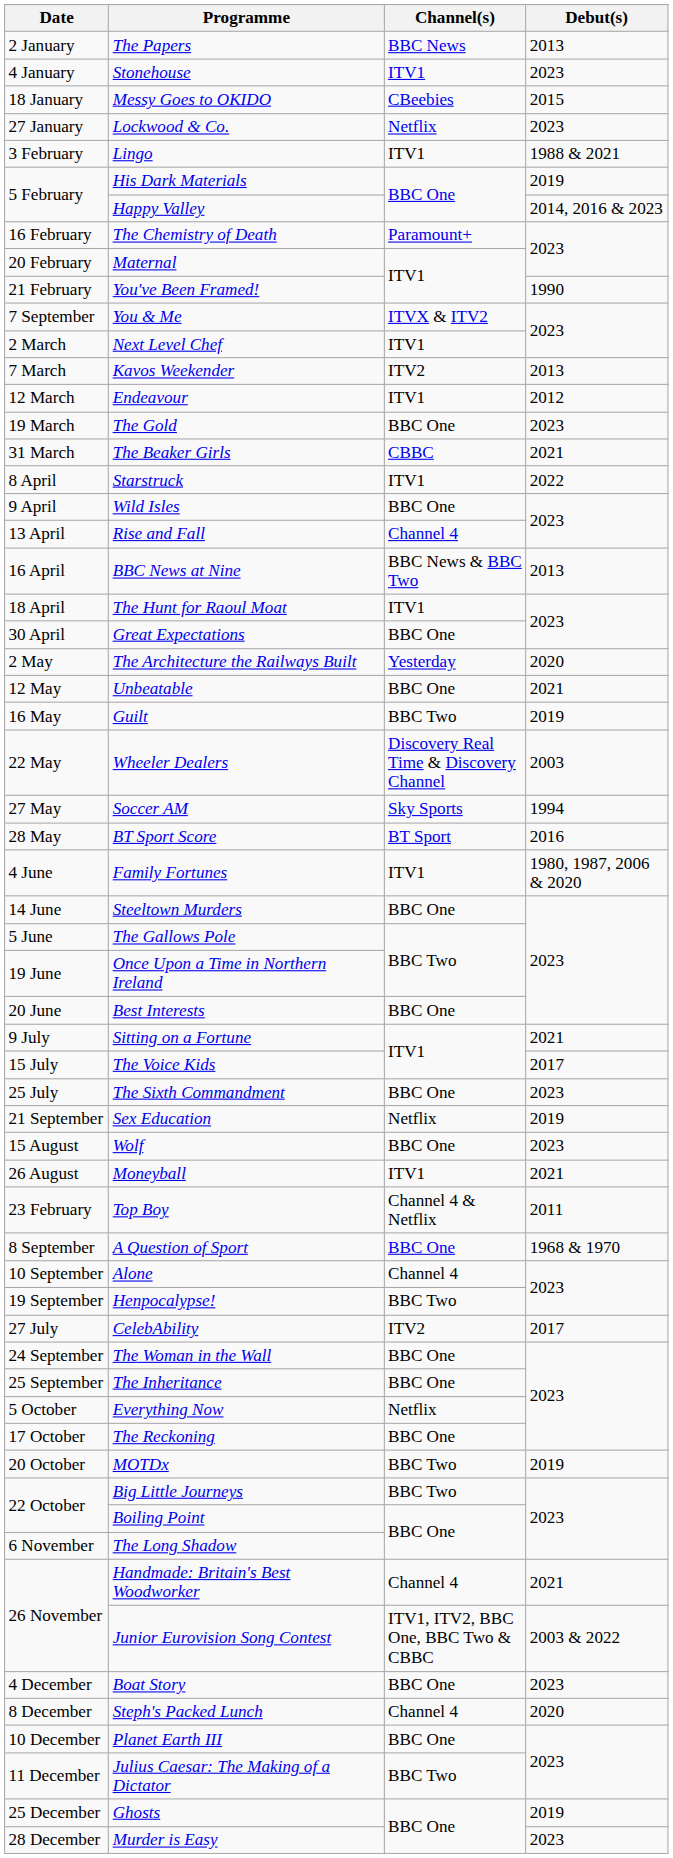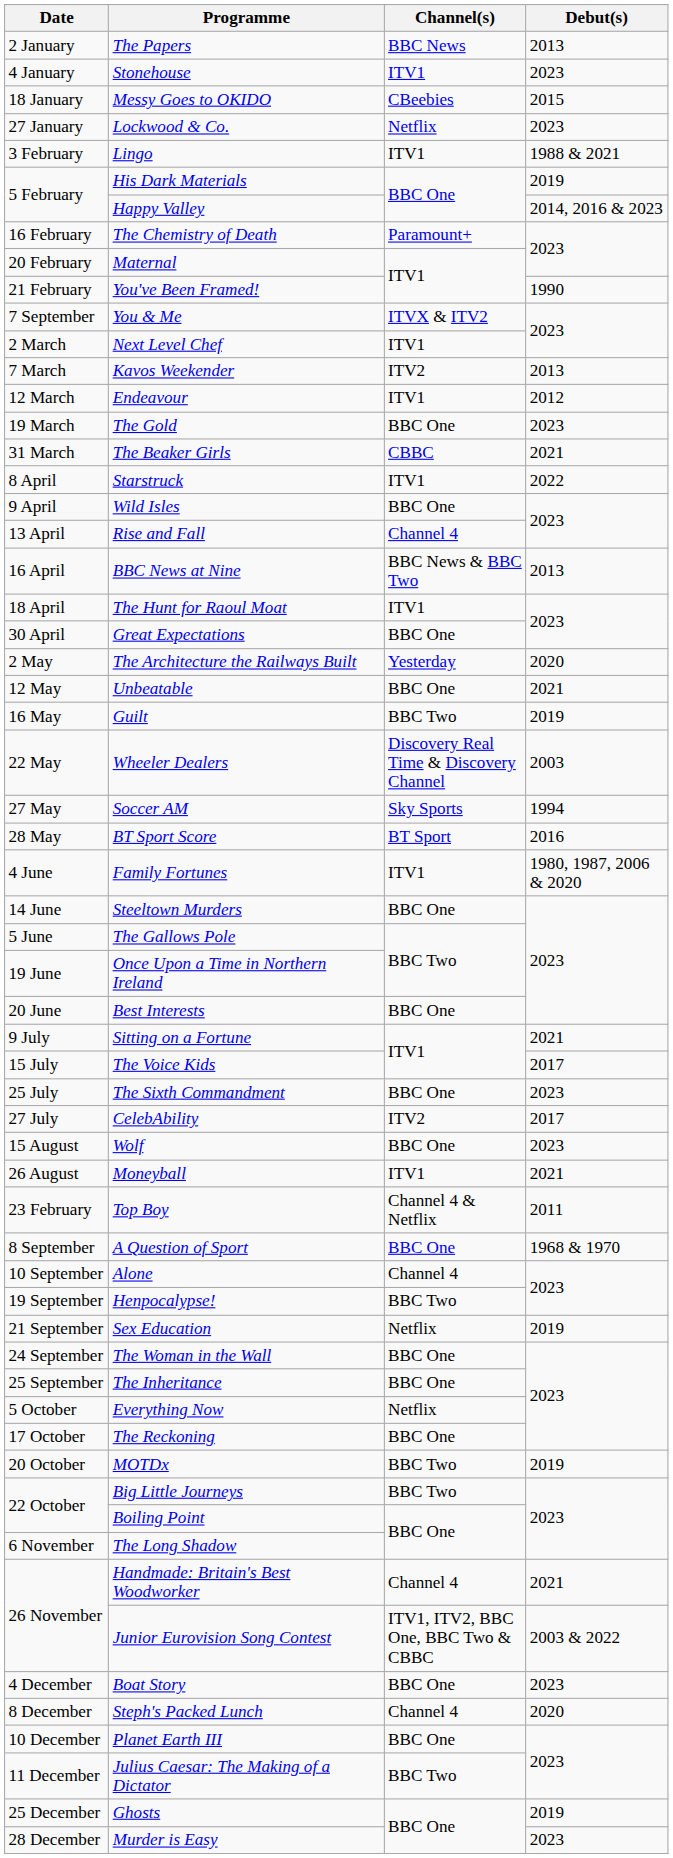 <table class="wikitable">
 <tr>
 <th width=90>Date</th>
 <th width=250>Programme</th>
 <th width=125>Channel(s)</th>
 <th width=125>Debut(s)</th>
 </tr>
 <tr>
 <td>2 January</td>
 <td><em><a href='#'>The Papers</a></em></td>
 <td><a href='#'>BBC News</a></td>
 <td>2013</td>
 </tr>
 <tr>
 <td>4 January</td>
 <td><em><a href='#'>Stonehouse</a></em></td>
 <td><a href='#'>ITV1</a></td>
 <td>2023</td>
 </tr>
 <tr>
 <td>18 January</td>
 <td><em><a href='#'>Messy Goes to OKIDO</a></em></td>
 <td><a href='#'>CBeebies</a></td>
 <td>2015</td>
 </tr>
 <tr>
 <td>27 January</td>
 <td><em><a href='#'>Lockwood & Co.</a></em></td>
 <td><a href='#'>Netflix</a></td>
 <td>2023</td>
 </tr>
 <tr>
 <td>3 February</td>
 <td><em><a href='#'>Lingo</a></em></td>
 <td>ITV1</td>
 <td>1988 & 2021</td>
 </tr>
 <tr>
 <td rowspan="2">5 February</td>
 <td><em><a href='#'>His Dark Materials</a></em></td>
 <td rowspan="2"><a href='#'>BBC One</a></td>
 <td>2019</td>
 </tr>
 <tr>
 <td><em><a href='#'>Happy Valley</a></em></td>
 <td>2014, 2016 & 2023</td>
 </tr>
 <tr>
 <td>16 February</td>
 <td><em><a href='#'>The Chemistry of Death</a></em></td>
 <td><a href='#'>Paramount+</a></td>
 <td rowspan="2">2023</td>
 </tr>
 <tr>
 <td>20 February</td>
 <td><em><a href='#'>Maternal</a></em></td>
 <td rowspan="2">ITV1</td>
 </tr>
 <tr>
 <td>21 February</td>
 <td><em><a href='#'>You've Been Framed!</a></em></td>
 <td>1990</td>
 </tr>
 <tr>
 <td>7 September</td>
 <td><em><a href='#'>You & Me</a></em></td>
 <td><a href='#'>ITVX</a> & <a href='#'>ITV2</a></td>
 <td rowspan="2">2023</td>
 </tr>
 <tr>
 <td>2 March</td>
 <td><em><a href='#'>Next Level Chef</a></em></td>
 <td>ITV1</td>
 </tr>
 <tr>
 <td>7 March</td>
 <td><em><a href='#'>Kavos Weekender</a></em></td>
 <td>ITV2</td>
 <td>2013</td>
 </tr>
 <tr>
 <td>12 March</td>
 <td><em><a href='#'>Endeavour</a></em></td>
 <td>ITV1</td>
 <td>2012</td>
 </tr>
 <tr>
 <td>19 March</td>
 <td><em><a href='#'>The Gold</a></em></td>
 <td>BBC One</td>
 <td>2023</td>
 </tr>
 <tr>
 <td>31 March</td>
 <td><em><a href='#'>The Beaker Girls</a></em></td>
 <td><a href='#'>CBBC</a></td>
 <td>2021</td>
 </tr>
 <tr>
 <td>8 April</td>
 <td><em><a href='#'>Starstruck</a></em></td>
 <td>ITV1</td>
 <td>2022</td>
 </tr>
 <tr>
 <td>9 April</td>
 <td><em><a href='#'>Wild Isles</a></em></td>
 <td>BBC One</td>
 <td rowspan="2">2023</td>
 </tr>
 <tr>
 <td>13 April</td>
 <td><em><a href='#'>Rise and Fall</a></em></td>
 <td><a href='#'>Channel 4</a></td>
 </tr>
 <tr>
 <td>16 April</td>
 <td><em><a href='#'>BBC News at Nine</a></em></td>
 <td>BBC News & <a href='#'>BBC Two</a></td>
 <td>2013</td>
 </tr>
 <tr>
 <td>18 April</td>
 <td><em><a href='#'>The Hunt for Raoul Moat</a></em></td>
 <td>ITV1</td>
 <td rowspan="2">2023</td>
 </tr>
 <tr>
 <td>30 April</td>
 <td><em><a href='#'>Great Expectations</a></em></td>
 <td>BBC One</td>
 </tr>
 <tr>
 <td>2 May</td>
 <td><em><a href='#'>The Architecture the Railways Built</a></em></td>
 <td><a href='#'>Yesterday</a></td>
 <td>2020</td>
 </tr>
 <tr>
 <td>12 May</td>
 <td><em><a href='#'>Unbeatable</a></em></td>
 <td>BBC One</td>
 <td>2021</td>
 </tr>
 <tr>
 <td>16 May</td>
 <td><em><a href='#'>Guilt</a></em></td>
 <td>BBC Two</td>
 <td>2019</td>
 </tr>
 <tr>
 <td>22 May</td>
 <td><em><a href='#'>Wheeler Dealers</a></em></td>
 <td><a href='#'>Discovery Real Time</a> & <a href='#'>Discovery Channel</a></td>
 <td>2003</td>
 </tr>
 <tr>
 <td>27 May</td>
 <td><em><a href='#'>Soccer AM</a></em></td>
 <td><a href='#'>Sky Sports</a></td>
 <td>1994</td>
 </tr>
 <tr>
 <td>28 May</td>
 <td><em><a href='#'>BT Sport Score</a></em></td>
 <td><a href='#'>BT Sport</a></td>
 <td>2016</td>
 </tr>
 <tr>
 <td>4 June</td>
 <td><em><a href='#'>Family Fortunes</a></em></td>
 <td>ITV1</td>
 <td>1980, 1987, 2006 & 2020</td>
 </tr>
 <tr>
 <td>14 June</td>
 <td><em><a href='#'>Steeltown Murders</a></em></td>
 <td>BBC One</td>
 <td rowspan="4">2023</td>
 </tr>
 <tr>
 <td>5 June</td>
 <td><em><a href='#'>The Gallows Pole</a></em></td>
 <td rowspan="2">BBC Two</td>
 </tr>
 <tr>
 <td>19 June</td>
 <td><em><a href='#'>Once Upon a Time in Northern Ireland</a></em></td>
 </tr>
 <tr>
 <td>20 June</td>
 <td><em><a href='#'>Best Interests</a></em></td>
 <td>BBC One</td>
 </tr>
 <tr>
 <td>9 July</td>
 <td><em><a href='#'>Sitting on a Fortune</a></em></td>
 <td rowspan="2">ITV1</td>
 <td>2021</td>
 </tr>
 <tr>
 <td>15 July</td>
 <td><em><a href='#'>The Voice Kids</a></em></td>
 <td>2017</td>
 </tr>
 <tr>
 <td>25 July</td>
 <td><em><a href='#'>The Sixth Commandment</a></em></td>
 <td>BBC One</td>
 <td>2023</td>
 </tr>
 <tr>
-<td>21 September</td>
-<td><em><a href='#'>Sex Education</a></em></td>
-<td>Netflix</td>
-<td>2019</td>
+<td>27 July</td>
+<td><em><a href='#'>CelebAbility</a></em></td>
+<td>ITV2</td>
+<td>2017</td>
 </tr>
 <tr>
 <td>15 August</td>
 <td><em><a href='#'>Wolf</a></em></td>
 <td>BBC One</td>
 <td>2023</td>
 </tr>
 <tr>
 <td>26 August</td>
 <td><em><a href='#'>Moneyball</a></em></td>
 <td>ITV1</td>
 <td>2021</td>
 </tr>
 <tr>
 <td>23 February</td>
 <td><em><a href='#'>Top Boy</a></em></td>
 <td>Channel 4 & Netflix</td>
 <td>2011</td>
 </tr>
 <tr>
 <td>8 September</td>
 <td><em><a href='#'>A Question of Sport</a></em></td>
 <td><a href='#'>BBC One</a></td>
 <td>1968 & 1970</td>
 </tr>
 <tr>
 <td>10 September</td>
 <td><em><a href='#'>Alone</a></em></td>
 <td>Channel 4</td>
 <td rowspan="2">2023</td>
 </tr>
 <tr>
 <td>19 September</td>
 <td><em><a href='#'>Henpocalypse!</a></em></td>
 <td>BBC Two</td>
 </tr>
 <tr>
-<td>27 July</td>
-<td><em><a href='#'>CelebAbility</a></em></td>
-<td>ITV2</td>
-<td>2017</td>
+<td>21 September</td>
+<td><em><a href='#'>Sex Education</a></em></td>
+<td>Netflix</td>
+<td>2019</td>
 </tr>
 <tr>
 <td>24 September</td>
 <td><em><a href='#'>The Woman in the Wall</a></em></td>
 <td>BBC One</td>
 <td rowspan="4">2023</td>
 </tr>
 <tr>
 <td>25 September</td>
 <td><em><a href='#'>The Inheritance</a></em></td>
 <td>BBC One</td>
 </tr>
 <tr>
 <td>5 October</td>
 <td><em><a href='#'>Everything Now</a></em></td>
 <td>Netflix</td>
 </tr>
 <tr>
 <td>17 October</td>
 <td><em><a href='#'>The Reckoning</a></em></td>
 <td>BBC One</td>
 </tr>
 <tr>
 <td>20 October</td>
 <td><em><a href='#'>MOTDx</a></em></td>
 <td>BBC Two</td>
 <td>2019</td>
 </tr>
 <tr>
 <td rowspan="2">22 October</td>
 <td><em><a href='#'>Big Little Journeys</a></em></td>
 <td>BBC Two</td>
 <td rowspan="3">2023</td>
 </tr>
 <tr>
 <td><em><a href='#'>Boiling Point</a></em></td>
 <td rowspan="2">BBC One</td>
 </tr>
 <tr>
 <td>6 November</td>
 <td><em><a href='#'>The Long Shadow</a></em></td>
 </tr>
 <tr>
 <td rowspan="2">26 November</td>
 <td><em><a href='#'>Handmade: Britain's Best Woodworker</a></em></td>
 <td>Channel 4</td>
 <td>2021</td>
 </tr>
 <tr>
 <td><em><a href='#'>Junior Eurovision Song Contest</a></em></td>
 <td>ITV1, ITV2, BBC One, BBC Two & CBBC</td>
 <td>2003 & 2022</td>
 </tr>
 <tr>
 <td>4 December</td>
 <td><em><a href='#'>Boat Story</a></em></td>
 <td>BBC One</td>
 <td>2023</td>
 </tr>
 <tr>
 <td>8 December</td>
 <td><em><a href='#'>Steph's Packed Lunch</a></em></td>
 <td>Channel 4</td>
 <td>2020</td>
 </tr>
 <tr>
 <td>10 December</td>
 <td><em><a href='#'>Planet Earth III</a></em></td>
 <td>BBC One</td>
 <td rowspan="2">2023</td>
 </tr>
 <tr>
 <td>11 December</td>
 <td><em><a href='#'>Julius Caesar: The Making of a Dictator</a></em></td>
 <td>BBC Two</td>
 </tr>
 <tr>
 <td>25 December</td>
 <td><em><a href='#'>Ghosts</a></em></td>
 <td rowspan="2">BBC One</td>
 <td>2019</td>
 </tr>
 <tr>
 <td>28 December</td>
 <td><em><a href='#'>Murder is Easy</a></em></td>
 <td>2023</td>
 </tr>
 </table>
